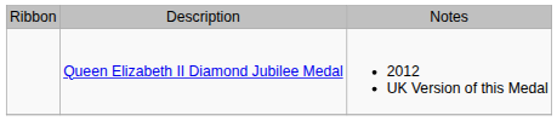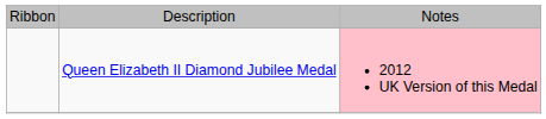 <table class="wikitable" style="margin:1em auto;">
 <tr style="background:silver;" align="center">
 <td>Ribbon</td>
 <td>Description</td>
 <td>Notes</td>
 </tr>
 <tr>
 <td></td>
 <td><a href='#'>Queen Elizabeth II Diamond Jubilee Medal</a></td>
-<td><br><ul><li>2012</li><li>UK Version of this Medal</li></ul></td>
+<td style="background: pink;"><br><ul><li>2012</li><li>UK Version of this Medal</li></ul></td>
 </tr>
 <tr>
 </tr>
 </table>
